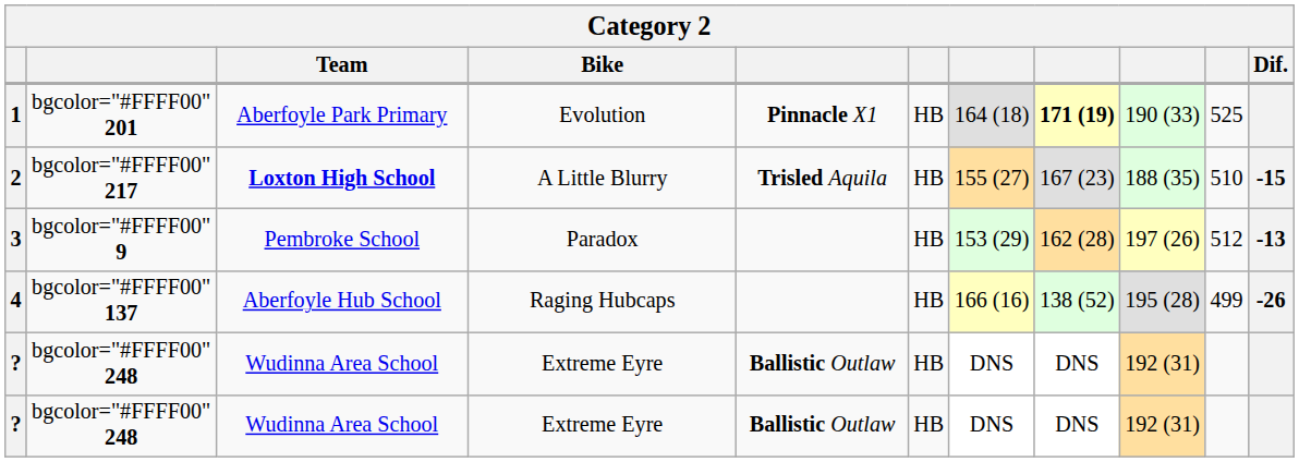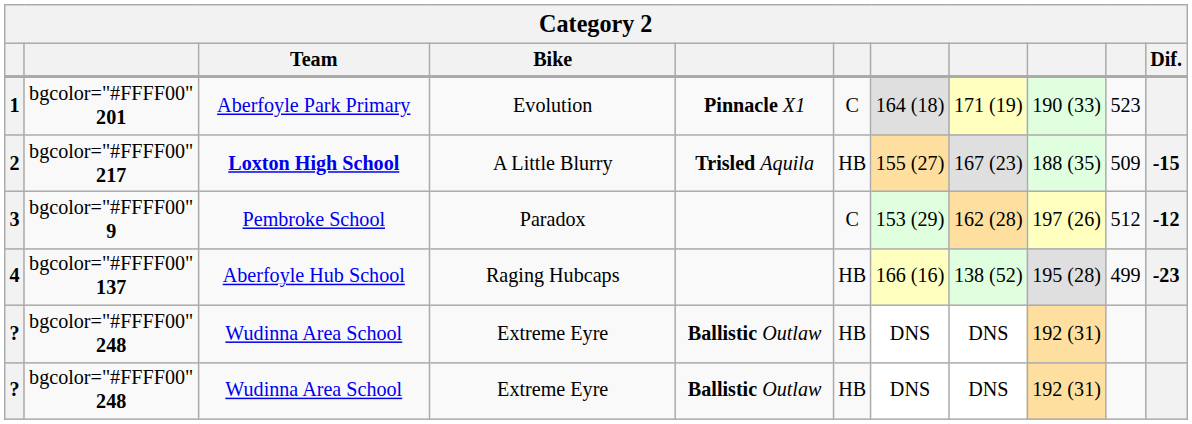 <table class="wikitable collapsible collapsed" style="font-size: 85%; text-align:center">
 <tr>
 <th colspan="11" width="500"><big>Category 2</big></th>
 </tr>
 <tr>
 <th valign="middle" width="5"></th>
 <th valign="middle" width="10"></th>
 <th valign="middle" width="150">Team</th>
 <th valign="middle" width="160">Bike</th>
 <th valign="middle" width="100"></th>
 <th valign="middle" width="8"></th>
 <th><a href='#'></a><br></th>
 <th><a href='#'></a><br></th>
 <th><a href='#'></a><br></th>
 <th valign="middle" width="4"></th>
 <th valign="middle" width="10">Dif.</th>
 </tr>
 <tr>
 </tr>
 <tr style="border-top:2px solid #aaaaaa">
 <th>1</th>
 <td>bgcolor="#FFFF00" <strong>201</strong></td>
 <td> <a href='#'>Aberfoyle Park Primary</a></td>
 <td>Evolution</td>
 <td><strong>Pinnacle</strong> <em>X1</em></td>
-<td valign="middle">HB</td>
+<td valign="middle">C</td>
 <td bgcolor="#dfdfdf">164 (18)</td>
-<td bgcolor="#FFFFBF"><strong>171 (19)</strong></td>
+<td bgcolor="#FFFFBF">171 (19)</td>
 <td bgcolor="#dfffdf">190 (33)</td>
-<td>525</td>
+<td>523</td>
 <th></th>
 </tr>
 <tr>
 <th>2</th>
 <td>bgcolor="#FFFF00" <strong>217</strong></td>
 <td><strong> <a href='#'>Loxton High School</a></strong></td>
 <td>A Little Blurry</td>
 <td><strong>Trisled</strong> <em>Aquila</em></td>
 <td valign="middle">HB</td>
 <td bgcolor="#ffdf9f">155 (27)</td>
 <td bgcolor="#dfdfdf">167 (23)</td>
 <td bgcolor="#dfffdf">188 (35)</td>
-<td>510</td>
+<td>509</td>
 <th>-15</th>
 </tr>
 <tr>
 <th>3</th>
 <td>bgcolor="#FFFF00" <strong>9</strong></td>
 <td> <a href='#'>Pembroke School</a></td>
 <td>Paradox</td>
 <td></td>
-<td valign="middle">HB</td>
+<td valign="middle">C</td>
 <td bgcolor="#dfffdf">153 (29)</td>
 <td bgcolor="#ffdf9f">162 (28)</td>
 <td bgcolor="#FFFFBF">197 (26)</td>
 <td>512</td>
-<th>-13</th>
+<th>-12</th>
 </tr>
 <tr>
 <th>4</th>
 <td>bgcolor="#FFFF00" <strong>137</strong></td>
 <td> <a href='#'>Aberfoyle Hub School</a></td>
 <td>Raging Hubcaps</td>
 <td></td>
 <td valign="middle">HB</td>
 <td bgcolor="#FFFFBF">166 (16)</td>
 <td bgcolor="#dfffdf">138 (52)</td>
 <td bgcolor="#dfdfdf">195 (28)</td>
 <td>499</td>
-<th>-26</th>
+<th>-23</th>
 </tr>
 <tr>
 <th>?</th>
 <td>bgcolor="#FFFF00" <strong>248</strong></td>
 <td> <a href='#'>Wudinna Area School</a></td>
 <td>Extreme Eyre</td>
 <td><strong>Ballistic </strong> <em>Outlaw</em></td>
 <td valign="middle">HB</td>
 <td bgcolor="#ffffff">DNS</td>
 <td bgcolor="#ffffff">DNS</td>
 <td bgcolor="#ffdf9f">192 (31)</td>
 <td></td>
 <th></th>
 </tr>
 <tr>
 <th>?</th>
 <td>bgcolor="#FFFF00" <strong>248</strong></td>
 <td> <a href='#'>Wudinna Area School</a></td>
 <td>Extreme Eyre</td>
 <td><strong>Ballistic </strong> <em>Outlaw</em></td>
 <td valign="middle">HB</td>
 <td bgcolor="#ffffff">DNS</td>
 <td bgcolor="#ffffff">DNS</td>
 <td bgcolor="#ffdf9f">192 (31)</td>
 <td></td>
 <th></th>
 </tr>
 </table>
